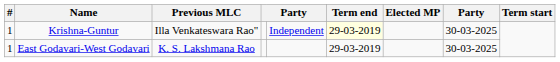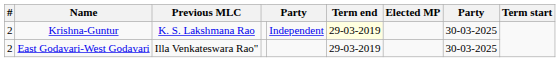 <table class="wikitable" style="text-align:center;">
 <tr>
 <th>#</th>
 <th>Name</th>
 <th>Previous MLC</th>
 <th colspan="2">Party</th>
 <th>Term end</th>
 <th>Elected MP</th>
 <th colspan="2">Party</th>
 <th>Term start</th>
 </tr>
 <tr>
-<td>1</td>
+<td>2</td>
 <td><a href='#'>Krishna-Guntur</a></td>
-<td>Illa Venkateswara Rao"</td>
+<td><a href='#'>K. S. Lakshmana Rao</a></td>
 <td width="1px"></td>
 <td><a href='#'>Independent</a></td>
 <td style="background: lightyellow;">29-03-2019</td>
 <td></td>
 <td>30-03-2025</td>
 </tr>
 <tr>
-<td>1</td>
+<td>2</td>
 <td><a href='#'>East Godavari-West Godavari</a></td>
-<td><a href='#'>K. S. Lakshmana Rao</a></td>
+<td>Illa Venkateswara Rao"</td>
 <td width="1px"></td>
 <td></td>
 <td>29-03-2019</td>
 <td></td>
 <td>30-03-2025</td>
 </tr>
 </table>
